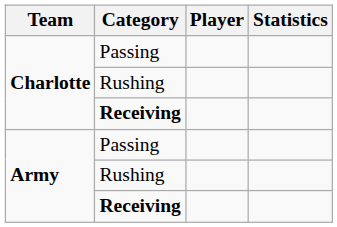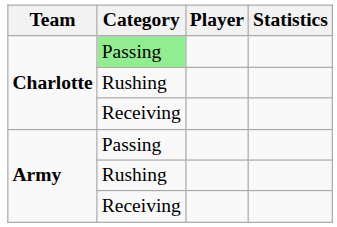 <table class="wikitable" style="float: right;">
 <tr>
 <th>Team</th>
 <th>Category</th>
 <th>Player</th>
 <th>Statistics</th>
 </tr>
 <tr>
 <td rowspan=3><strong>Charlotte</strong></td>
-<td>Passing</td>
+<td style="background: lightgreen;">Passing</td>
 <td></td>
 <td></td>
 </tr>
 <tr>
 <td>Rushing</td>
 <td></td>
 <td></td>
 </tr>
 <tr>
-<td><strong>Receiving</strong></td>
+<td>Receiving</td>
 <td></td>
 <td></td>
 </tr>
 <tr>
 <td rowspan=3><strong>Army</strong></td>
 <td>Passing</td>
 <td></td>
 <td></td>
 </tr>
 <tr>
 <td>Rushing</td>
 <td></td>
 <td></td>
 </tr>
 <tr>
-<td><strong>Receiving</strong></td>
+<td>Receiving</td>
 <td></td>
 <td></td>
 </tr>
 </table>
